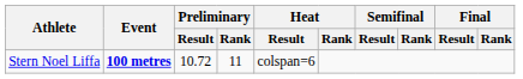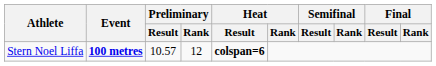 <table class="wikitable" style="font-size:90%">
 <tr>
 <th rowspan="2">Athlete</th>
 <th rowspan="2">Event</th>
 <th colspan="2">Preliminary</th>
 <th colspan="2">Heat</th>
 <th colspan="2">Semifinal</th>
 <th colspan="2">Final</th>
 </tr>
 <tr style="font-size:95%">
 <th>Result</th>
 <th>Rank</th>
 <th>Result</th>
 <th>Rank</th>
 <th>Result</th>
 <th>Rank</th>
 <th>Result</th>
 <th>Rank</th>
 </tr>
 <tr style=text-align:center>
 <td style=text-align:left><a href='#'>Stern Noel Liffa</a></td>
 <td style=text-align:left><strong><a href='#'>100 metres</a></strong></td>
-<td>10.72</td>
-<td>11</td>
-<td>colspan=6 </td>
+<td>10.57</td>
+<td>12</td>
+<td><strong>colspan=6 </strong></td>
 </tr>
 </table>
